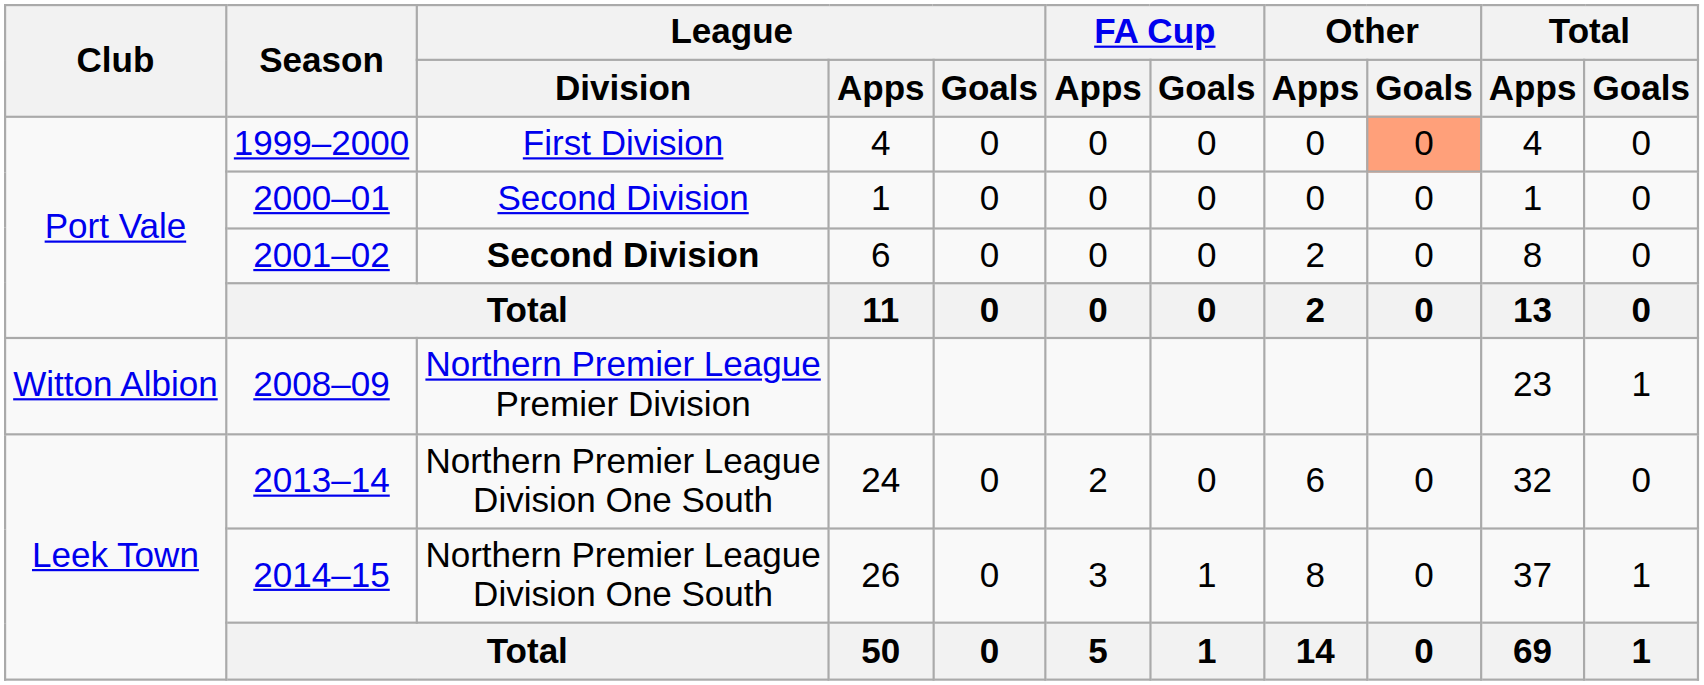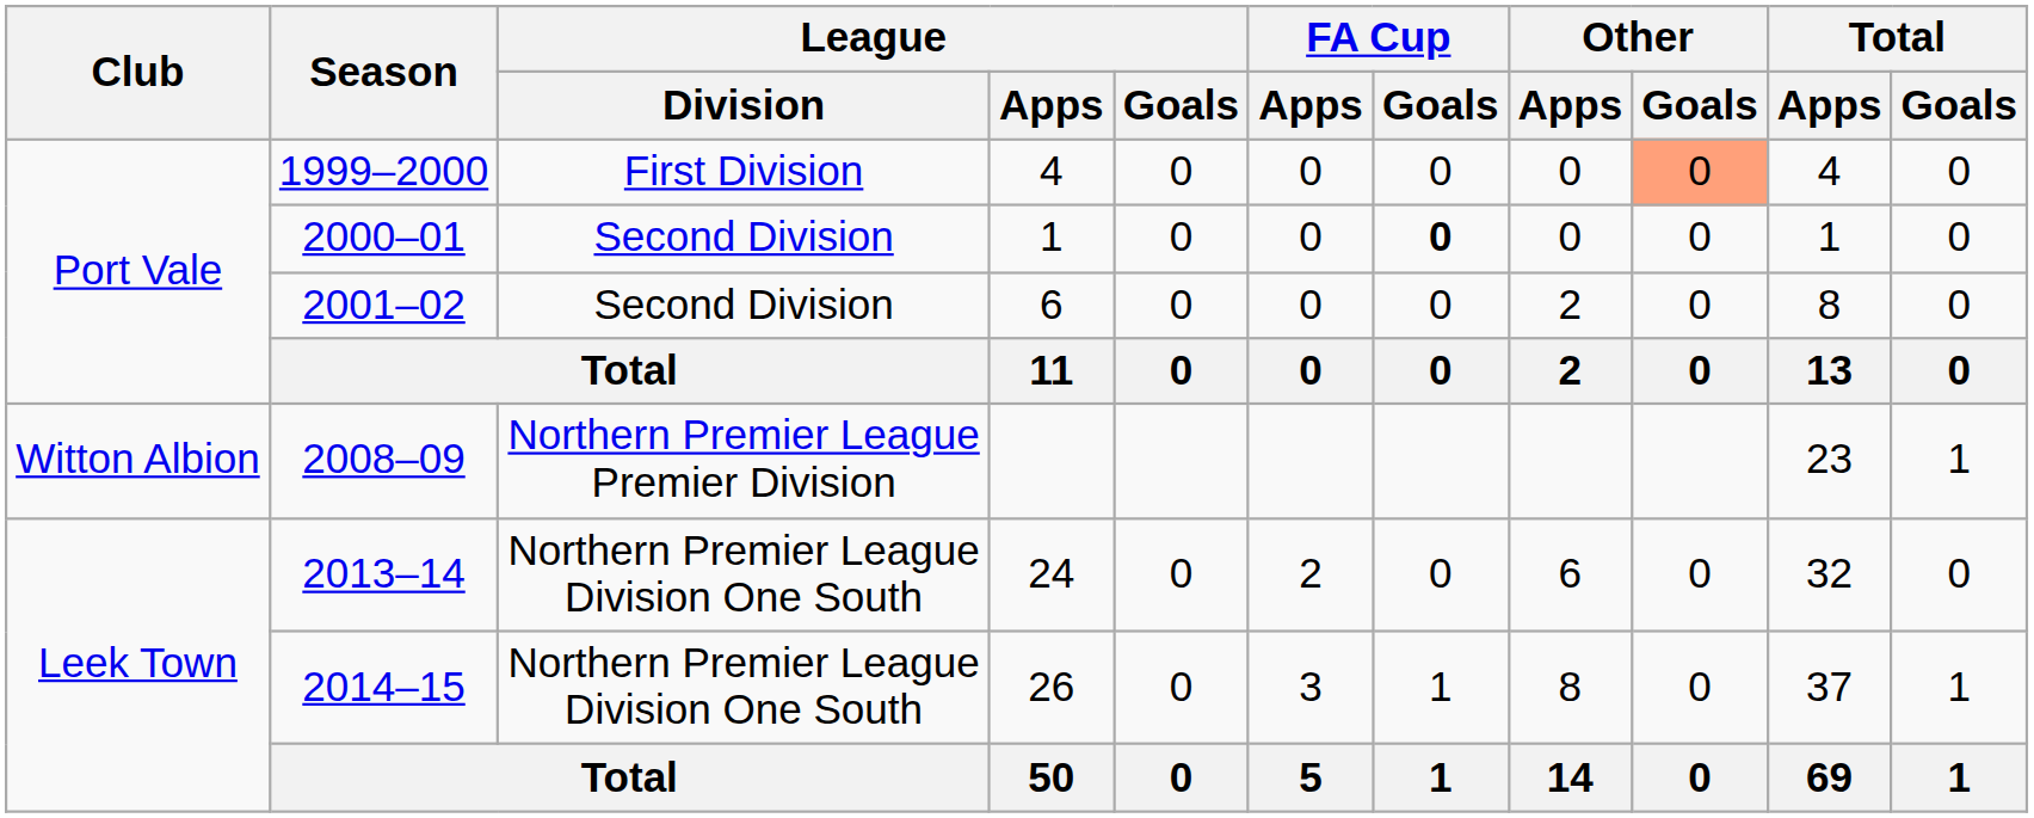 <table class="wikitable" style="text-align:center">
 <tr>
 <th rowspan="2">Club</th>
 <th rowspan="2">Season</th>
 <th colspan="3">League</th>
 <th colspan="2"><a href='#'>FA Cup</a></th>
 <th colspan="2">Other</th>
 <th colspan="2">Total</th>
 </tr>
 <tr>
 <th>Division</th>
 <th>Apps</th>
 <th>Goals</th>
 <th>Apps</th>
 <th>Goals</th>
 <th>Apps</th>
 <th>Goals</th>
 <th>Apps</th>
 <th>Goals</th>
 </tr>
 <tr>
 <td rowspan="4"><a href='#'>Port Vale</a></td>
 <td><a href='#'>1999–2000</a></td>
 <td><a href='#'>First Division</a></td>
 <td>4</td>
 <td>0</td>
 <td>0</td>
 <td>0</td>
 <td>0</td>
 <td style="background: lightsalmon;">0</td>
 <td>4</td>
 <td>0</td>
 </tr>
 <tr>
 <td><a href='#'>2000–01</a></td>
 <td><a href='#'>Second Division</a></td>
 <td>1</td>
 <td>0</td>
 <td>0</td>
-<td>0</td>
+<td><strong>0</strong></td>
 <td>0</td>
 <td>0</td>
 <td>1</td>
 <td>0</td>
 </tr>
 <tr>
 <td><a href='#'>2001–02</a></td>
-<td><strong>Second Division</strong></td>
+<td>Second Division</td>
 <td>6</td>
 <td>0</td>
 <td>0</td>
 <td>0</td>
 <td>2</td>
 <td>0</td>
 <td>8</td>
 <td>0</td>
 </tr>
 <tr>
 <th colspan="2">Total</th>
 <th>11</th>
 <th>0</th>
 <th>0</th>
 <th>0</th>
 <th>2</th>
 <th>0</th>
 <th>13</th>
 <th>0</th>
 </tr>
 <tr>
 <td><a href='#'>Witton Albion</a></td>
 <td><a href='#'>2008–09</a></td>
 <td><a href='#'>Northern Premier League</a><br>Premier Division</td>
 <td></td>
 <td></td>
 <td></td>
 <td></td>
 <td></td>
 <td></td>
 <td>23</td>
 <td>1</td>
 </tr>
 <tr>
 <td rowspan="3"><a href='#'>Leek Town</a></td>
 <td><a href='#'>2013–14</a></td>
 <td>Northern Premier League<br>Division One South</td>
 <td>24</td>
 <td>0</td>
 <td>2</td>
 <td>0</td>
 <td>6</td>
 <td>0</td>
 <td>32</td>
 <td>0</td>
 </tr>
 <tr>
 <td><a href='#'>2014–15</a></td>
 <td>Northern Premier League<br>Division One South</td>
 <td>26</td>
 <td>0</td>
 <td>3</td>
 <td>1</td>
 <td>8</td>
 <td>0</td>
 <td>37</td>
 <td>1</td>
 </tr>
 <tr>
 <th colspan="2">Total</th>
 <th>50</th>
 <th>0</th>
 <th>5</th>
 <th>1</th>
 <th>14</th>
 <th>0</th>
 <th>69</th>
 <th>1</th>
 </tr>
 </table>
